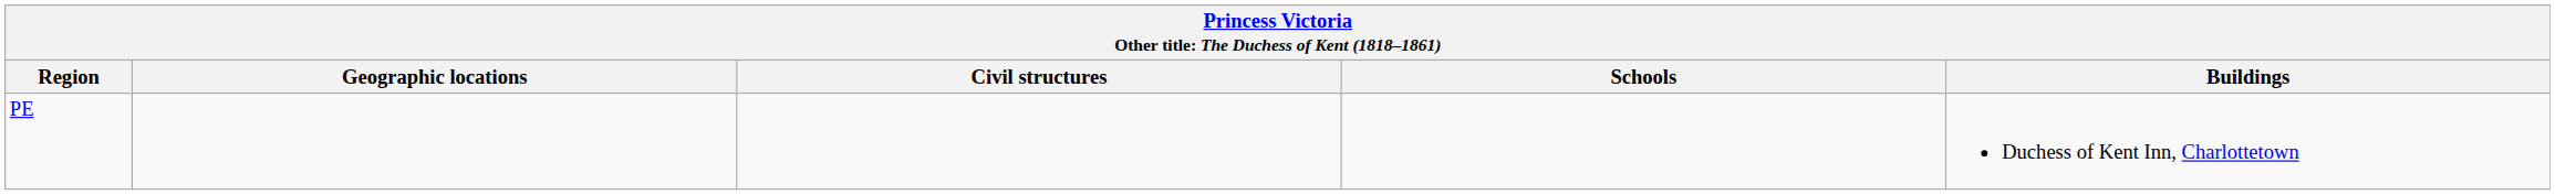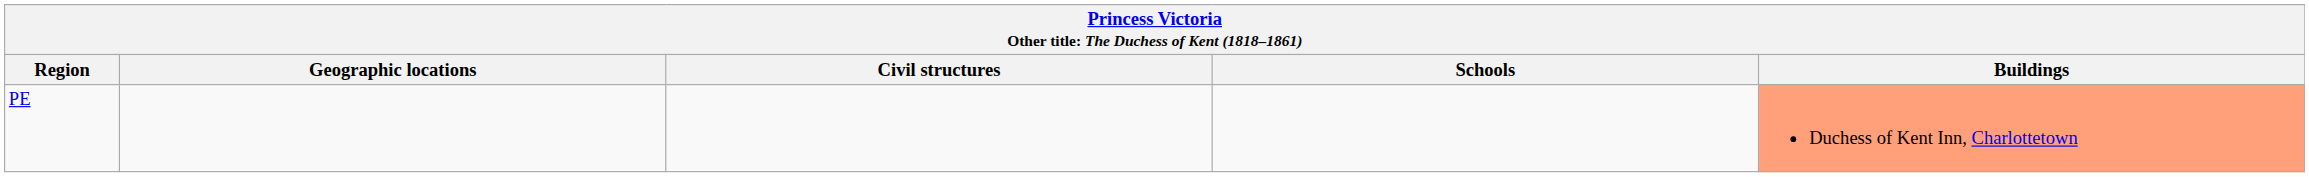 <table class="wikitable" width="100%">
 <tr>
 <th colspan="5"> <a href='#'>Princess Victoria</a><br><small>Other title: <em>The Duchess of Kent (1818–1861)</em></small></th>
 </tr>
 <tr>
 <th width="5%">Region</th>
 <th width="23.75%">Geographic locations</th>
 <th width="23.75%">Civil structures</th>
 <th width="23.75%">Schools</th>
 <th width="23.75%">Buildings</th>
 </tr>
 <tr>
 <td align=left valign=top> <a href='#'>PE</a></td>
 <td></td>
 <td></td>
 <td></td>
-<td align=left valign=top><br><ul><li>Duchess of Kent Inn, <a href='#'>Charlottetown</a></li></ul></td>
+<td align=left valign=top style="background: lightsalmon;"><br><ul><li>Duchess of Kent Inn, <a href='#'>Charlottetown</a></li></ul></td>
 </tr>
 </table>
